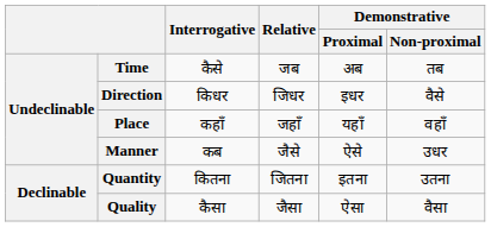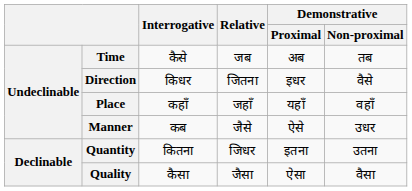 <table class="wikitable" style="text-align:center">
 <tr>
 <th colspan="2" rowspan="2"></th>
 <th rowspan="2">Interrogative</th>
 <th rowspan="2">Relative</th>
 <th colspan="2">Demonstrative</th>
 </tr>
 <tr>
 <th>Proximal</th>
 <th>Non-proximal</th>
 </tr>
 <tr>
 <th rowspan="4">Undeclinable</th>
 <th>Time</th>
 <td>कैसे<br></td>
 <td>जब<br></td>
 <td>अब<br></td>
 <td>तब<br></td>
 </tr>
 <tr>
 <th>Direction</th>
 <td>किधर<br></td>
-<td>जिधर<br></td>
+<td>जितना<br></td>
 <td>इधर<br></td>
 <td>वैसे<br></td>
 </tr>
 <tr>
 <th>Place</th>
 <td>कहाँ<br></td>
 <td>जहाँ<br></td>
 <td>यहाँ<br></td>
 <td>वहाँ<br></td>
 </tr>
 <tr>
 <th>Manner</th>
 <td>कब<br></td>
 <td>जैसे<br></td>
 <td>ऐसे<br></td>
 <td>उधर<br></td>
 </tr>
 <tr>
 <th rowspan="2">Declinable</th>
 <th>Quantity</th>
 <td>कितना<br></td>
-<td>जितना<br></td>
+<td>जिधर<br></td>
 <td>इतना<br></td>
 <td>उतना<br></td>
 </tr>
 <tr>
 <th>Quality</th>
 <td>कैसा<br></td>
 <td>जैसा<br></td>
 <td>ऐसा<br></td>
 <td>वैसा<br></td>
 </tr>
 </table>
